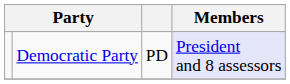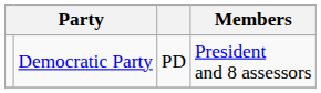 <table class="wikitable">
 <tr>
 <th colspan=2>Party</th>
 <th></th>
 <th>Members</th>
 </tr>
 <tr>
 <td style="background:"></td>
 <td><a href='#'>Democratic Party</a></td>
 <td>PD</td>
-<td style="background: lavender;"><a href='#'>President</a> <br>and 8 assessors</td>
+<td><a href='#'>President</a> <br>and 8 assessors</td>
 </tr>
 <tr>
 </tr>
 </table>
